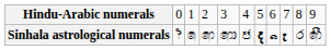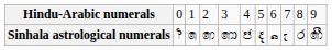 <table class="wikitable">
 <tr>
 <th>Hindu-Arabic numerals</th>
 <td>0</td>
 <td>1</td>
 <td>2</td>
 <td>3</td>
 <td>4</td>
 <td>5</td>
 <td>6</td>
 <td>7</td>
 <td>8</td>
 <td>9</td>
 </tr>
 <tr>
 <th>Sinhala astrological numerals</th>
 <td>෦</td>
 <td>෧</td>
 <td>෨</td>
 <td>෩</td>
 <td>෪</td>
-<td><strong>෫</strong></td>
+<td>෫</td>
 <td>෬</td>
-<td><strong>෭</strong></td>
+<td>෭</td>
 <td>෮</td>
 <td>෯</td>
 </tr>
 </table>
